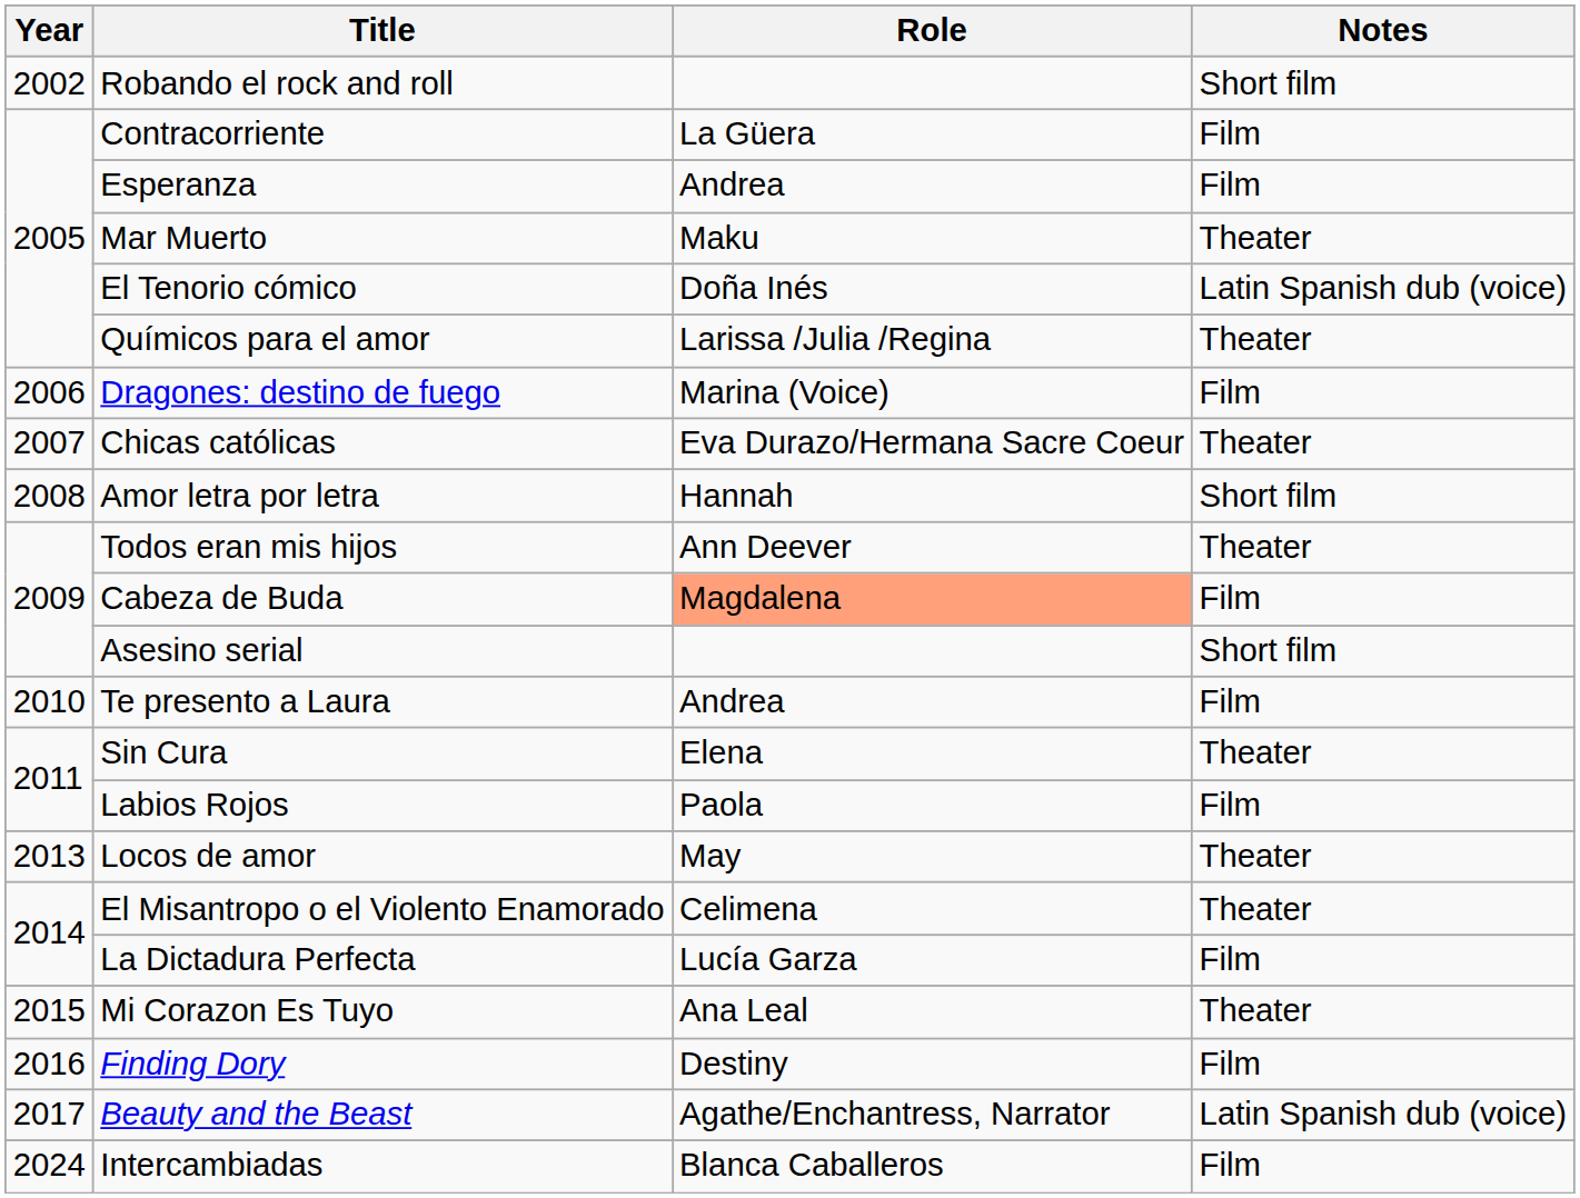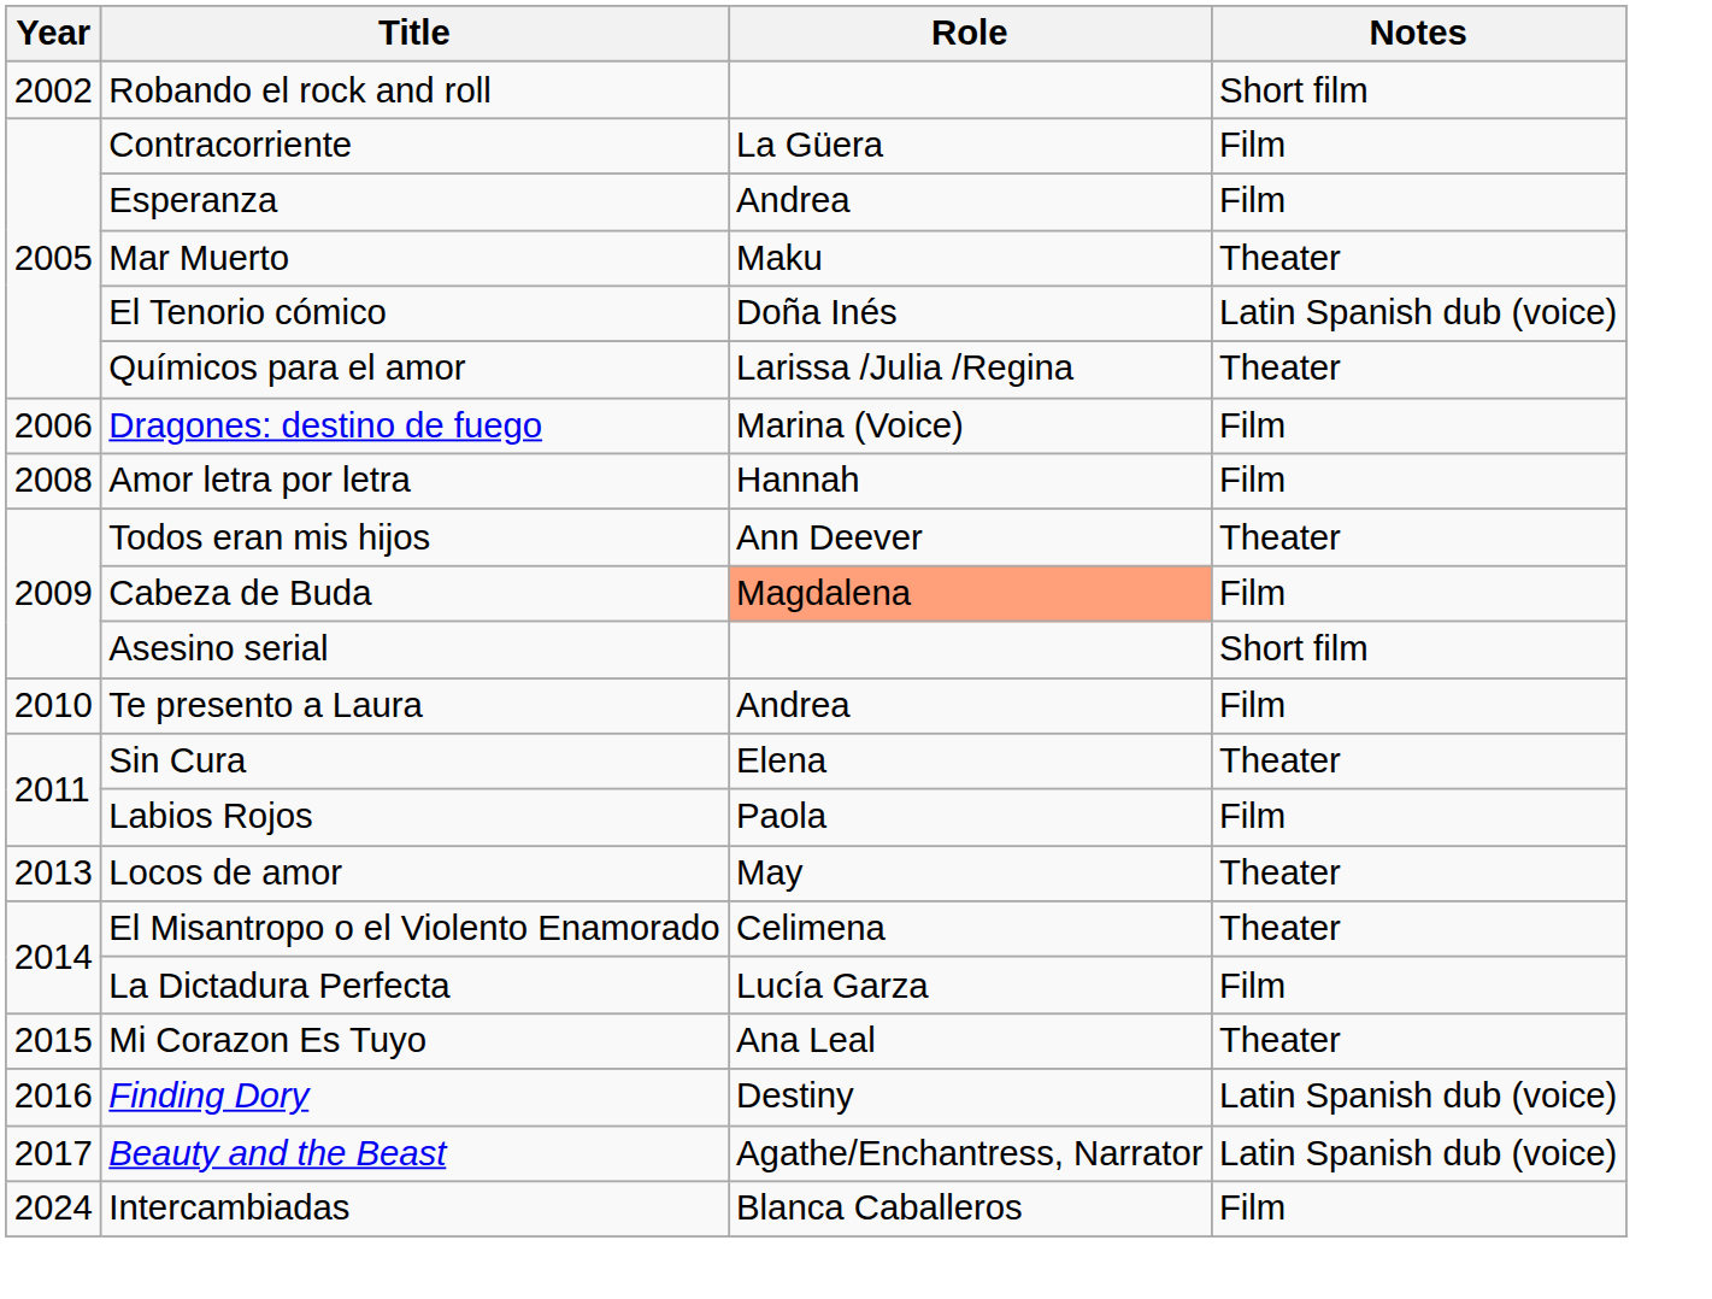 <table class="wikitable">
 <tr style="background:#b0c4de;">
 <th>Year</th>
 <th>Title</th>
 <th>Role</th>
 <th>Notes</th>
 </tr>
 <tr>
 <td>2002</td>
 <td>Robando el rock and roll</td>
 <td></td>
 <td>Short film</td>
 </tr>
 <tr>
 <td rowspan=5>2005</td>
 <td>Contracorriente</td>
 <td>La Güera</td>
 <td>Film</td>
 </tr>
 <tr>
 <td>Esperanza</td>
 <td>Andrea</td>
 <td>Film</td>
 </tr>
 <tr>
 <td>Mar Muerto</td>
 <td>Maku</td>
 <td>Theater</td>
 </tr>
 <tr>
 <td>El Tenorio cómico</td>
 <td>Doña Inés</td>
 <td>Latin Spanish dub (voice)</td>
 </tr>
 <tr>
 <td>Químicos para el amor</td>
 <td>Larissa /Julia /Regina</td>
 <td>Theater</td>
 </tr>
 <tr>
 <td>2006</td>
 <td><a href='#'>Dragones: destino de fuego</a></td>
 <td>Marina (Voice)</td>
 <td>Film</td>
 </tr>
 <tr>
-<td>2007</td>
-<td>Chicas católicas</td>
-<td>Eva Durazo/Hermana Sacre Coeur</td>
-<td>Theater</td>
-</tr>
-<tr>
 <td>2008</td>
 <td>Amor letra por letra</td>
 <td>Hannah</td>
-<td>Short film</td>
+<td>Film</td>
 </tr>
 <tr>
 <td rowspan=3>2009</td>
 <td>Todos eran mis hijos</td>
 <td>Ann Deever</td>
 <td>Theater</td>
 </tr>
 <tr>
 <td>Cabeza de Buda</td>
 <td style="background: lightsalmon;">Magdalena</td>
 <td>Film</td>
 </tr>
 <tr>
 <td>Asesino serial</td>
 <td></td>
 <td>Short film</td>
 </tr>
 <tr>
 <td>2010</td>
 <td>Te presento a Laura</td>
 <td>Andrea</td>
 <td>Film</td>
 </tr>
 <tr>
 <td rowspan=2>2011</td>
 <td>Sin Cura</td>
 <td>Elena</td>
 <td>Theater</td>
 </tr>
 <tr>
 <td>Labios Rojos</td>
 <td>Paola</td>
 <td>Film</td>
 </tr>
 <tr>
 <td>2013</td>
 <td>Locos de amor</td>
 <td>May</td>
 <td>Theater</td>
 </tr>
 <tr>
 <td rowspan=2>2014</td>
 <td>El Misantropo o el Violento Enamorado</td>
 <td>Celimena</td>
 <td>Theater</td>
 </tr>
 <tr>
 <td>La Dictadura Perfecta</td>
 <td>Lucía Garza</td>
 <td>Film</td>
 </tr>
 <tr>
 <td>2015</td>
 <td>Mi Corazon Es Tuyo</td>
 <td>Ana Leal</td>
 <td>Theater</td>
 </tr>
 <tr>
 <td>2016</td>
 <td><em><a href='#'>Finding Dory</a></em></td>
 <td>Destiny</td>
-<td>Film</td>
+<td>Latin Spanish dub (voice)</td>
 </tr>
 <tr>
 <td>2017</td>
 <td><a href='#'><em>Beauty and the Beast</em></a></td>
 <td>Agathe/Enchantress, Narrator</td>
 <td>Latin Spanish dub (voice)</td>
 </tr>
 <tr>
 <td>2024</td>
 <td>Intercambiadas</td>
 <td>Blanca Caballeros</td>
 <td>Film</td>
 </tr>
 </table>
